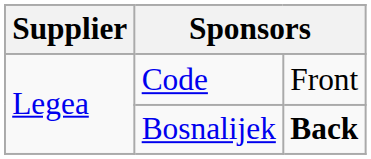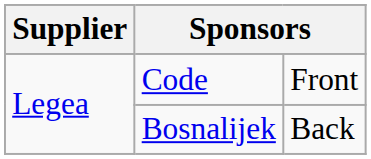 <table class="wikitable">
 <tr>
 <th>Supplier</th>
 <th colspan=2>Sponsors</th>
 </tr>
 <tr>
 <td rowspan=2> <a href='#'>Legea</a></td>
 <td> <a href='#'>Code</a></td>
 <td>Front</td>
 </tr>
 <tr>
 <td> <a href='#'>Bosnalijek</a></td>
-<td rowspan=1><strong>Back</strong></td>
+<td rowspan=1>Back</td>
 </tr>
 </table>
